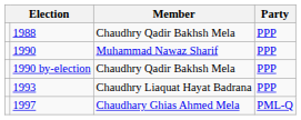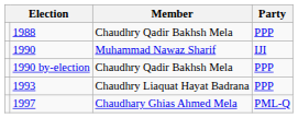 <table class="wikitable">
 <tr>
 <th colspan="2">Election</th>
 <th>Member</th>
 <th>Party</th>
 </tr>
 <tr>
 <td style="background-color: "></td>
 <td><a href='#'>1988</a></td>
 <td>Chaudhry Qadir Bakhsh Mela</td>
 <td><a href='#'>PPP</a></td>
 </tr>
 <tr>
 <td style="background-color: "></td>
 <td><a href='#'>1990</a></td>
 <td><a href='#'>Muhammad Nawaz Sharif</a></td>
-<td><a href='#'>PPP</a></td>
+<td><a href='#'>IJI</a></td>
 </tr>
 <tr>
 <td style="background-color: "></td>
 <td><a href='#'>1990 by-election</a></td>
 <td>Chaudhry Qadir Bakhsh Mela</td>
 <td><a href='#'>PPP</a></td>
 </tr>
 <tr>
 <td style="background-color: "></td>
 <td><a href='#'>1993</a></td>
 <td>Chaudhry Liaquat Hayat Badrana</td>
 <td><a href='#'>PPP</a></td>
 </tr>
 <tr>
 <td style="background-color: "></td>
 <td><a href='#'>1997</a></td>
 <td><a href='#'>Chaudhary Ghias Ahmed Mela</a></td>
 <td><a href='#'>PML-Q</a></td>
 </tr>
 </table>
